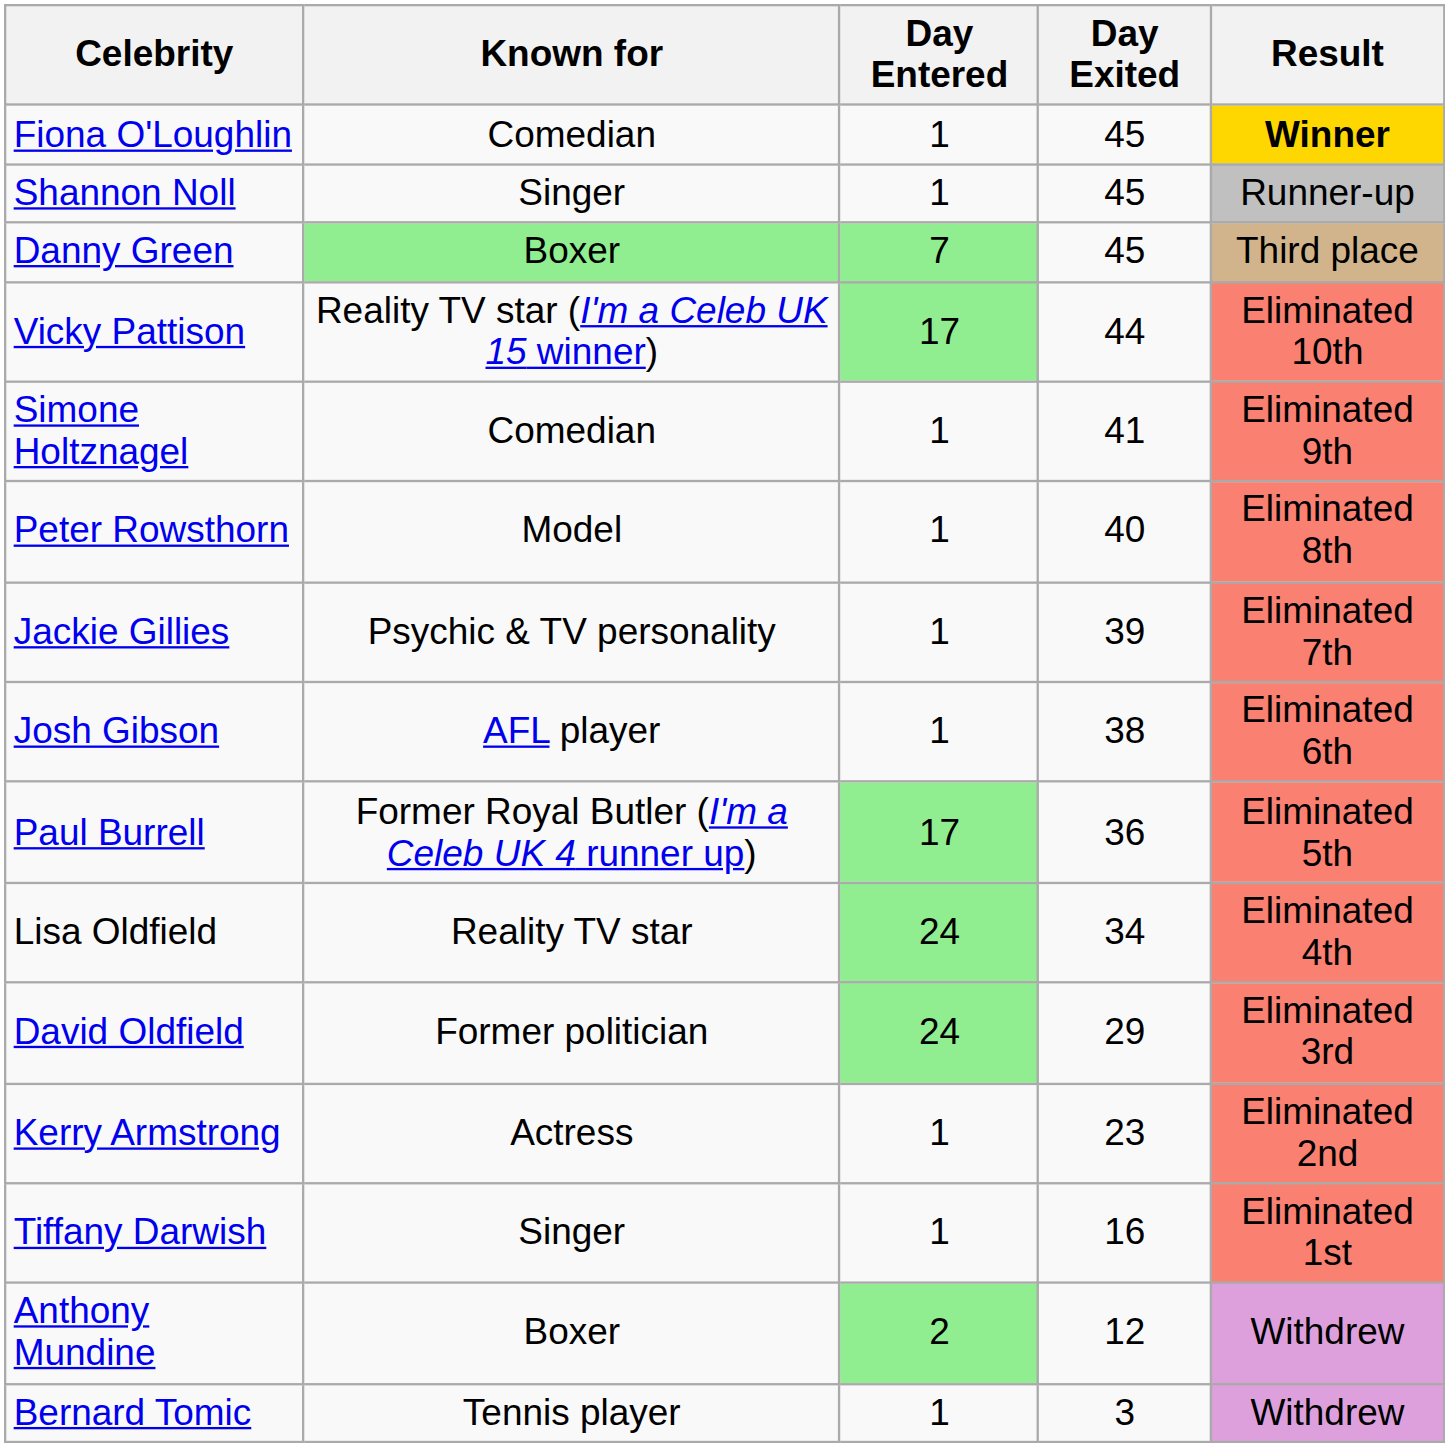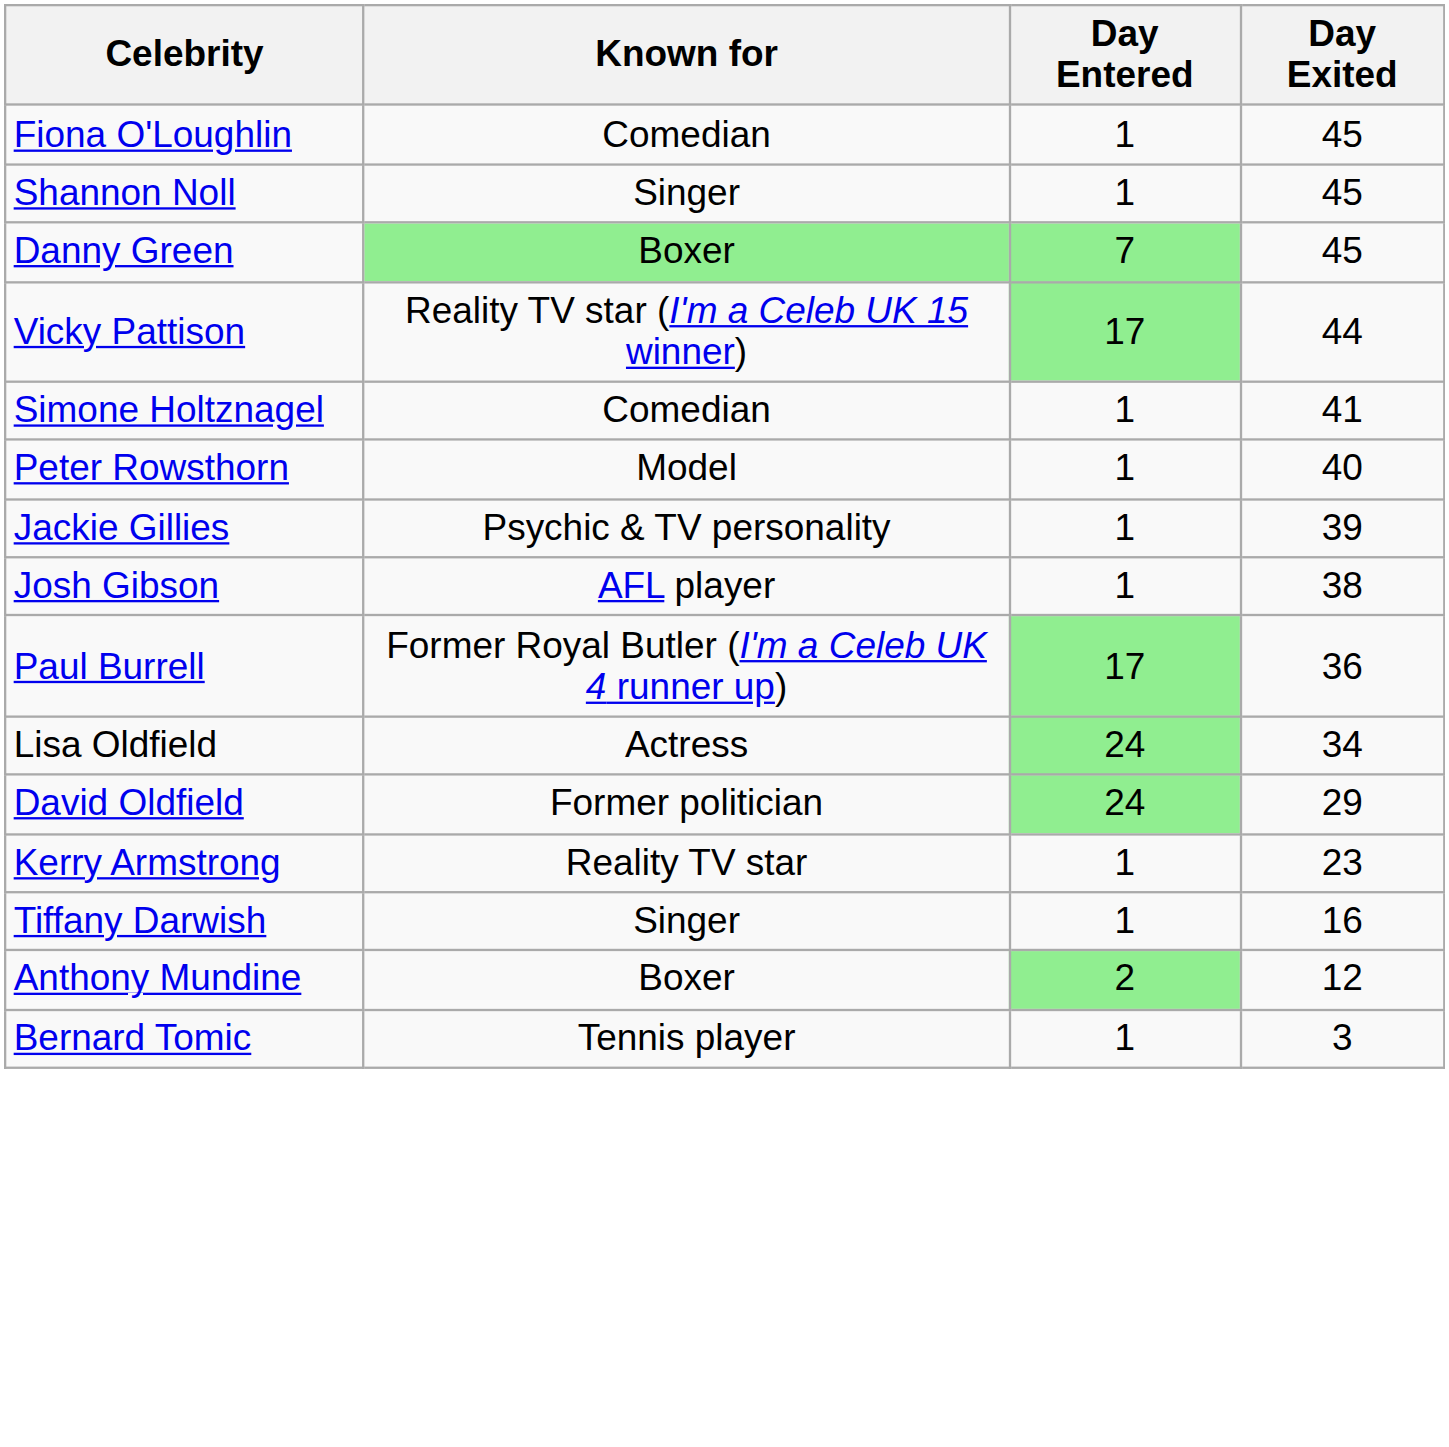 <table class="wikitable" style="margin:auto; text-align:center;">
 <tr>
 <th style="width:15%;" scope="col">Celebrity</th>
 <th style="width:27%;" scope="col">Known for</th>
 <th style="width:8%;" scope="col">Day Entered</th>
 <th style="width:8%;" scope="col">Day Exited</th>
-<th style="width:8%;" scope="col">Result</th>
 </tr>
 <tr>
 <td align=left><a href='#'>Fiona O'Loughlin</a></td>
 <td>Comedian</td>
 <td>1</td>
 <td>45</td>
-<td style=background:gold><strong>Winner</strong></td>
 </tr>
 <tr>
 <td align=left><a href='#'>Shannon Noll</a></td>
 <td>Singer</td>
 <td>1</td>
 <td>45</td>
-<td style=background:Silver>Runner-up</td>
 </tr>
 <tr>
 <td align=left><a href='#'>Danny Green</a></td>
 <td style="background: lightgreen;">Boxer</td>
 <td style=background:lightgreen>7</td>
 <td>45</td>
-<td style=background:tan>Third place</td>
 </tr>
 <tr>
 <td align=left><a href='#'>Vicky Pattison</a></td>
 <td>Reality TV star (<a href='#'><em>I'm a Celeb UK 15</em> winner</a>)</td>
 <td style=background:lightgreen>17</td>
 <td>44</td>
-<td style=background:salmon>Eliminated 10th</td>
 </tr>
 <tr>
 <td align=left><a href='#'>Simone Holtznagel</a></td>
 <td>Comedian</td>
 <td>1</td>
 <td>41</td>
-<td style=background:salmon>Eliminated 9th</td>
 </tr>
 <tr>
 <td align=left><a href='#'>Peter Rowsthorn</a></td>
 <td>Model</td>
 <td>1</td>
 <td>40</td>
-<td style=background:salmon>Eliminated 8th</td>
 </tr>
 <tr>
 <td align=left><a href='#'>Jackie Gillies</a></td>
 <td>Psychic & TV personality</td>
 <td>1</td>
 <td>39</td>
-<td style=background:salmon>Eliminated 7th</td>
 </tr>
 <tr>
 <td align=left><a href='#'>Josh Gibson</a></td>
 <td><a href='#'>AFL</a> player</td>
 <td>1</td>
 <td>38</td>
-<td style=background:salmon>Eliminated 6th</td>
 </tr>
 <tr>
 <td align=left><a href='#'>Paul Burrell</a></td>
 <td>Former Royal Butler (<a href='#'><em>I'm a Celeb UK 4</em> runner up</a>)</td>
 <td style=background:lightgreen>17</td>
 <td>36</td>
-<td style=background:salmon>Eliminated 5th</td>
 </tr>
 <tr>
 <td align=left>Lisa Oldfield</td>
-<td>Reality TV star</td>
+<td>Actress</td>
 <td style=background:lightgreen>24</td>
 <td>34</td>
-<td style=background:salmon>Eliminated 4th</td>
 </tr>
 <tr>
 <td align=left><a href='#'>David Oldfield</a></td>
 <td>Former politician</td>
 <td style=background:lightgreen>24</td>
 <td>29</td>
-<td style=background:salmon>Eliminated 3rd</td>
 </tr>
 <tr>
 <td align=left><a href='#'>Kerry Armstrong</a></td>
-<td>Actress</td>
+<td>Reality TV star</td>
 <td>1</td>
 <td>23</td>
-<td style=background:salmon>Eliminated 2nd</td>
 </tr>
 <tr>
 <td align=left><a href='#'>Tiffany Darwish</a></td>
 <td>Singer</td>
 <td>1</td>
 <td>16</td>
-<td style=background:salmon>Eliminated 1st</td>
 </tr>
 <tr>
 <td align=left><a href='#'>Anthony Mundine</a></td>
 <td>Boxer</td>
 <td style=background:lightgreen>2</td>
 <td>12</td>
-<td style="background:plum">Withdrew</td>
 </tr>
 <tr>
 <td align=left><a href='#'>Bernard Tomic</a></td>
 <td>Tennis player</td>
 <td>1</td>
 <td>3</td>
-<td style="background:plum">Withdrew</td>
 </tr>
 </table>
